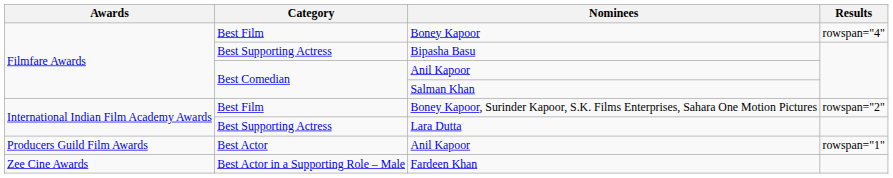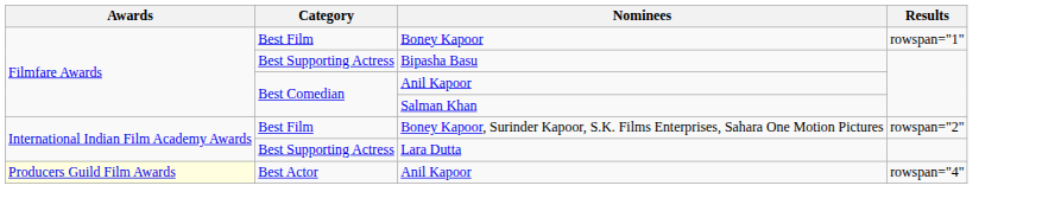 <table class="wikitable plainrowheaders sortable">
 <tr>
 <th>Awards</th>
 <th>Category</th>
 <th>Nominees</th>
 <th>Results</th>
 </tr>
 <tr>
 <td rowspan="4"><a href='#'>Filmfare Awards</a></td>
 <td><a href='#'>Best Film</a></td>
 <td><a href='#'>Boney Kapoor</a></td>
-<td>rowspan="4" </td>
+<td>rowspan="1" </td>
 </tr>
 <tr>
 <td><a href='#'>Best Supporting Actress</a></td>
 <td><a href='#'>Bipasha Basu</a></td>
 </tr>
 <tr>
 <td rowspan="2"><a href='#'>Best Comedian</a></td>
 <td><a href='#'>Anil Kapoor</a></td>
 </tr>
 <tr>
 <td><a href='#'>Salman Khan</a></td>
 </tr>
 <tr>
 <td rowspan="2"><a href='#'>International Indian Film Academy Awards</a></td>
 <td><a href='#'>Best Film</a></td>
 <td><a href='#'>Boney Kapoor</a>, Surinder Kapoor, S.K. Films Enterprises, Sahara One Motion Pictures</td>
 <td>rowspan="2" </td>
 </tr>
 <tr>
 <td><a href='#'>Best Supporting Actress</a></td>
 <td><a href='#'>Lara Dutta</a></td>
 </tr>
 <tr>
-<td rowspan="1"><a href='#'>Producers Guild Film Awards</a></td>
+<td rowspan="1" style="background: lightyellow;"><a href='#'>Producers Guild Film Awards</a></td>
 <td><a href='#'>Best Actor</a></td>
 <td><a href='#'>Anil Kapoor</a></td>
-<td>rowspan="1" </td>
-</tr>
-<tr>
-<td rowspan="1"><a href='#'>Zee Cine Awards</a></td>
-<td><a href='#'>Best Actor in a Supporting Role – Male</a></td>
-<td><a href='#'>Fardeen Khan</a></td>
-<td></td>
+<td>rowspan="4" </td>
 </tr>
 </table>
